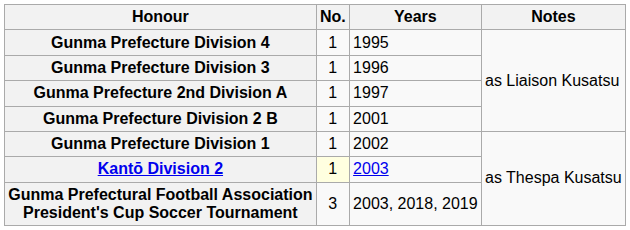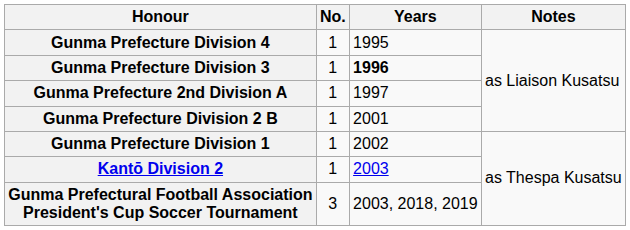 <table class="wikitable plainrowheaders">
 <tr>
 <th scope=col>Honour</th>
 <th scope=col>No.</th>
 <th scope=col>Years</th>
 <th>Notes</th>
 </tr>
 <tr>
 <th scope=row>Gunma Prefecture Division 4</th>
 <td align="center">1</td>
 <td>1995</td>
 <td rowspan="4">as Liaison Kusatsu</td>
 </tr>
 <tr>
 <th scope=row>Gunma Prefecture Division 3</th>
 <td align="center">1</td>
-<td>1996</td>
+<td><strong>1996</strong></td>
 </tr>
 <tr>
 <th scope=row>Gunma Prefecture 2nd Division A</th>
 <td align="center">1</td>
 <td>1997</td>
 </tr>
 <tr>
 <th scope=row>Gunma Prefecture Division 2 B</th>
 <td align="center">1</td>
 <td>2001</td>
 </tr>
 <tr>
 <th scope=row>Gunma Prefecture Division 1</th>
 <td align="center">1</td>
 <td>2002</td>
 <td rowspan="3">as Thespa Kusatsu</td>
 </tr>
 <tr>
 <th scope=row><a href='#'>Kantō Division 2</a></th>
-<td align="center" style="background: lightyellow;">1</td>
+<td align="center">1</td>
 <td><a href='#'>2003</a></td>
 </tr>
 <tr>
 <th scope=row>Gunma Prefectural Football Association <br> President's Cup Soccer Tournament</th>
 <td align="center">3</td>
 <td>2003, 2018, 2019</td>
 </tr>
 <tr>
 </tr>
 </table>
